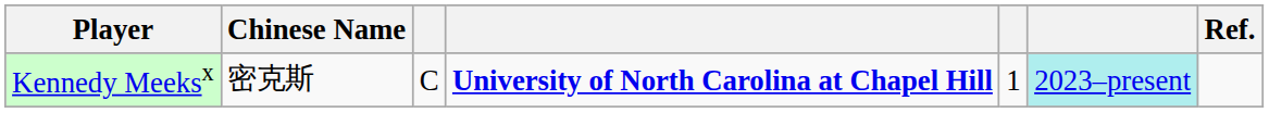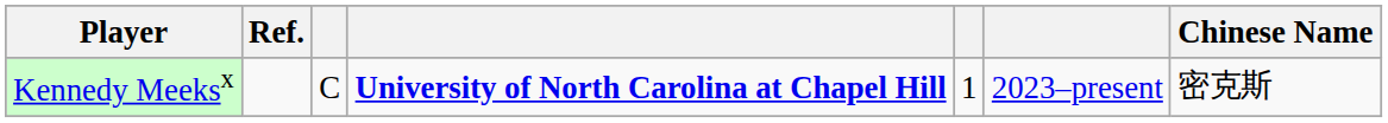 <table class="wikitable sortable" style="font-size:95%; text-align:left;">
 <tr>
 <th>Player</th>
-<th>Chinese Name</th>
+<th>Ref.</th>
 <th></th>
 <th></th>
 <th></th>
 <th></th>
-<th>Ref.</th>
+<th>Chinese Name</th>
 </tr>
 <tr>
 <td bgcolor="#CCFFCC"><a href='#'>Kennedy Meeks</a><sup>x</sup></td>
-<td>密克斯</td>
+<td></td>
 <td align="center">C</td>
 <td><strong><a href='#'>University of North Carolina at Chapel Hill</a></strong></td>
 <td align="center">1</td>
-<td align="center" style="background: paleturquoise;"><a href='#'>2023–present</a></td>
-<td></td>
+<td align="center"><a href='#'>2023–present</a></td>
+<td>密克斯</td>
 </tr>
 </table>
